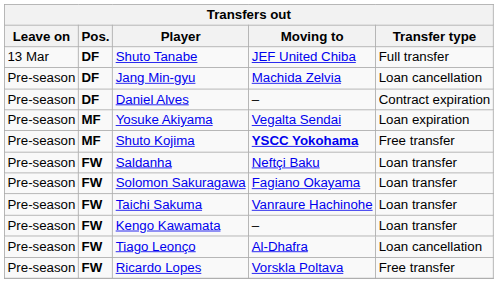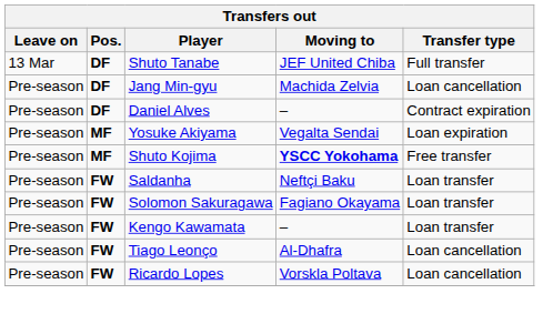 <table class="wikitable sortable" style=“text-align:left;>
 <tr>
 <th colspan="5">Transfers out</th>
 </tr>
 <tr>
 <th>Leave on</th>
 <th>Pos.</th>
 <th>Player</th>
 <th>Moving to</th>
 <th>Transfer type</th>
 </tr>
 <tr>
 <td>13 Mar</td>
 <td><strong>DF</strong></td>
 <td> <a href='#'>Shuto Tanabe</a></td>
 <td> <a href='#'>JEF United Chiba</a></td>
 <td>Full transfer</td>
 </tr>
 <tr>
 <td>Pre-season</td>
 <td><strong>DF</strong></td>
 <td> <a href='#'>Jang Min-gyu</a></td>
 <td> <a href='#'>Machida Zelvia</a></td>
 <td>Loan cancellation</td>
 </tr>
 <tr>
 <td>Pre-season</td>
 <td><strong>DF</strong></td>
 <td> <a href='#'>Daniel Alves</a></td>
 <td>–</td>
 <td>Contract expiration</td>
 </tr>
 <tr>
 <td>Pre-season</td>
 <td><strong>MF</strong></td>
 <td> <a href='#'>Yosuke Akiyama</a></td>
 <td> <a href='#'>Vegalta Sendai</a></td>
 <td>Loan expiration</td>
 </tr>
 <tr>
 <td>Pre-season</td>
 <td><strong>MF</strong></td>
 <td> <a href='#'>Shuto Kojima</a></td>
 <td><strong> <a href='#'>YSCC Yokohama</a></strong></td>
 <td>Free transfer</td>
 </tr>
 <tr>
 <td>Pre-season</td>
 <td><strong>FW</strong></td>
 <td> <a href='#'>Saldanha</a></td>
 <td> <a href='#'>Neftçi Baku</a></td>
 <td>Loan transfer</td>
 </tr>
 <tr>
 <td>Pre-season</td>
 <td><strong>FW</strong></td>
 <td> <a href='#'>Solomon Sakuragawa</a></td>
 <td> <a href='#'>Fagiano Okayama</a></td>
 <td>Loan transfer</td>
 </tr>
 <tr>
 <td>Pre-season</td>
 <td><strong>FW</strong></td>
-<td> <a href='#'>Taichi Sakuma</a></td>
-<td> <a href='#'>Vanraure Hachinohe</a></td>
-<td>Loan transfer</td>
-</tr>
-<tr>
-<td>Pre-season</td>
-<td><strong>FW</strong></td>
 <td> <a href='#'>Kengo Kawamata</a></td>
 <td>–</td>
 <td>Loan transfer</td>
 </tr>
 <tr>
 <td>Pre-season</td>
 <td><strong>FW</strong></td>
 <td> <a href='#'>Tiago Leonço</a></td>
 <td> <a href='#'>Al-Dhafra</a></td>
 <td>Loan cancellation</td>
 </tr>
 <tr>
 <td>Pre-season</td>
 <td><strong>FW</strong></td>
 <td> <a href='#'>Ricardo Lopes</a></td>
 <td> <a href='#'>Vorskla Poltava</a></td>
-<td>Free transfer</td>
+<td>Loan cancellation</td>
 </tr>
 <tr>
 </tr>
 </table>
